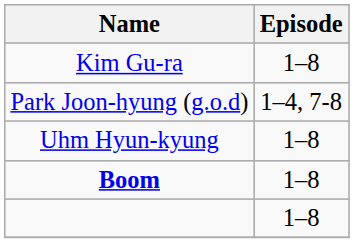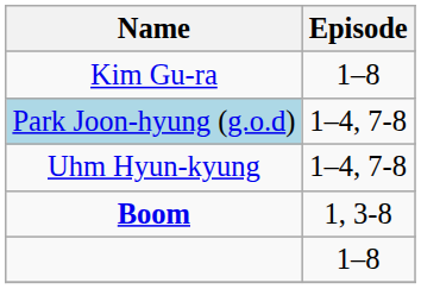 <table class="wikitable" style="text-align:center">
 <tr>
 <th>Name</th>
 <th>Episode</th>
 </tr>
 <tr>
 <td><a href='#'>Kim Gu-ra</a></td>
 <td>1–8</td>
 </tr>
 <tr>
-<td><a href='#'>Park Joon-hyung</a> (<a href='#'>g.o.d</a>)</td>
+<td style="background: lightblue;"><a href='#'>Park Joon-hyung</a> (<a href='#'>g.o.d</a>)</td>
 <td>1–4, 7-8</td>
 </tr>
 <tr>
 <td><a href='#'>Uhm Hyun-kyung</a></td>
-<td>1–8</td>
+<td>1–4, 7-8</td>
 </tr>
 <tr>
 <td><strong><a href='#'>Boom</a></strong></td>
-<td>1–8</td>
+<td>1, 3-8</td>
 </tr>
 <tr>
 <td></td>
 <td>1–8</td>
 </tr>
 <tr>
 </tr>
 </table>
